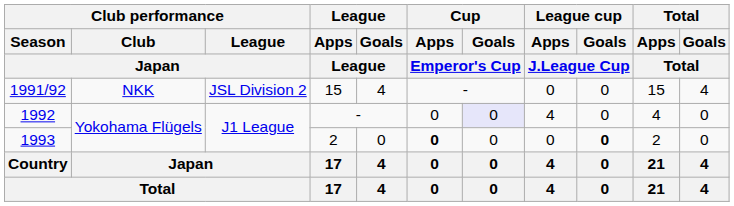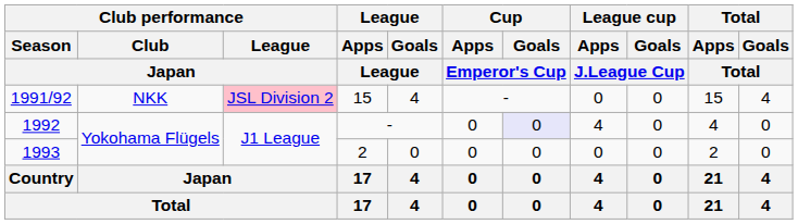 <table class="wikitable" style="text-align:center;">
 <tr>
 <th colspan=3>Club performance</th>
 <th colspan=2>League</th>
 <th colspan=2>Cup</th>
 <th colspan=2>League cup</th>
 <th colspan=2>Total</th>
 </tr>
 <tr>
 <th>Season</th>
 <th>Club</th>
 <th>League</th>
 <th>Apps</th>
 <th>Goals</th>
 <th>Apps</th>
 <th>Goals</th>
 <th>Apps</th>
 <th>Goals</th>
 <th>Apps</th>
 <th>Goals</th>
 </tr>
 <tr>
 <th colspan=3>Japan</th>
 <th colspan=2>League</th>
 <th colspan=2><a href='#'>Emperor's Cup</a></th>
 <th colspan=2><a href='#'>J.League Cup</a></th>
 <th colspan=2>Total</th>
 </tr>
 <tr>
 <td><a href='#'>1991/92</a></td>
 <td><a href='#'>NKK</a></td>
-<td><a href='#'>JSL Division 2</a></td>
+<td style="background: pink;"><a href='#'>JSL Division 2</a></td>
 <td>15</td>
 <td>4</td>
 <td colspan="2">-</td>
 <td>0</td>
 <td>0</td>
 <td>15</td>
 <td>4</td>
 </tr>
 <tr>
 <td><a href='#'>1992</a></td>
 <td rowspan="2"><a href='#'>Yokohama Flügels</a></td>
 <td rowspan="2"><a href='#'>J1 League</a></td>
 <td colspan="2">-</td>
 <td>0</td>
 <td style="background: lavender;">0</td>
 <td>4</td>
 <td>0</td>
 <td>4</td>
 <td>0</td>
 </tr>
 <tr>
 <td><a href='#'>1993</a></td>
 <td>2</td>
 <td>0</td>
-<td><strong>0</strong></td>
 <td>0</td>
 <td>0</td>
-<td><strong>0</strong></td>
+<td>0</td>
+<td>0</td>
 <td>2</td>
 <td>0</td>
 </tr>
 <tr>
 <th rowspan=1>Country</th>
 <th colspan=2>Japan</th>
 <th>17</th>
 <th>4</th>
 <th>0</th>
 <th>0</th>
 <th>4</th>
 <th>0</th>
 <th>21</th>
 <th>4</th>
 </tr>
 <tr>
 <th colspan=3>Total</th>
 <th>17</th>
 <th>4</th>
 <th>0</th>
 <th>0</th>
 <th>4</th>
 <th>0</th>
 <th>21</th>
 <th>4</th>
 </tr>
 </table>
